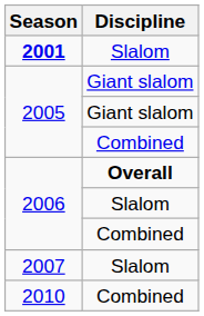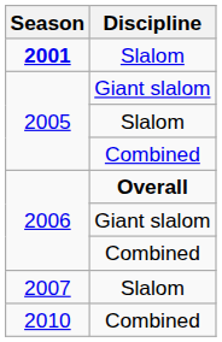 <table class=wikitable style="font-size:95%;">
 <tr>
 <th>Season</th>
 <th>Discipline</th>
 </tr>
 <tr>
 <td rowspan=1 align=center><strong><a href='#'>2001</a></strong></td>
 <td align=center><a href='#'>Slalom</a></td>
 </tr>
 <tr>
 <td rowspan=3 align=center><a href='#'>2005</a></td>
 <td align=center><a href='#'>Giant slalom</a></td>
 </tr>
 <tr>
-<td align=center>Giant slalom</td>
+<td align=center>Slalom</td>
 </tr>
 <tr>
 <td align=center><a href='#'>Combined</a></td>
 </tr>
 <tr>
 <td rowspan=3 align=center><a href='#'>2006</a></td>
 <td align=center><strong>Overall</strong></td>
 </tr>
 <tr>
-<td align=center>Slalom</td>
+<td align=center>Giant slalom</td>
 </tr>
 <tr>
 <td align=center>Combined</td>
 </tr>
 <tr>
 <td rowspan=1 align=center><a href='#'>2007</a></td>
 <td align=center>Slalom</td>
 </tr>
 <tr>
 <td rowspan=1 align=center><a href='#'>2010</a></td>
 <td align=center>Combined</td>
 </tr>
 </table>
